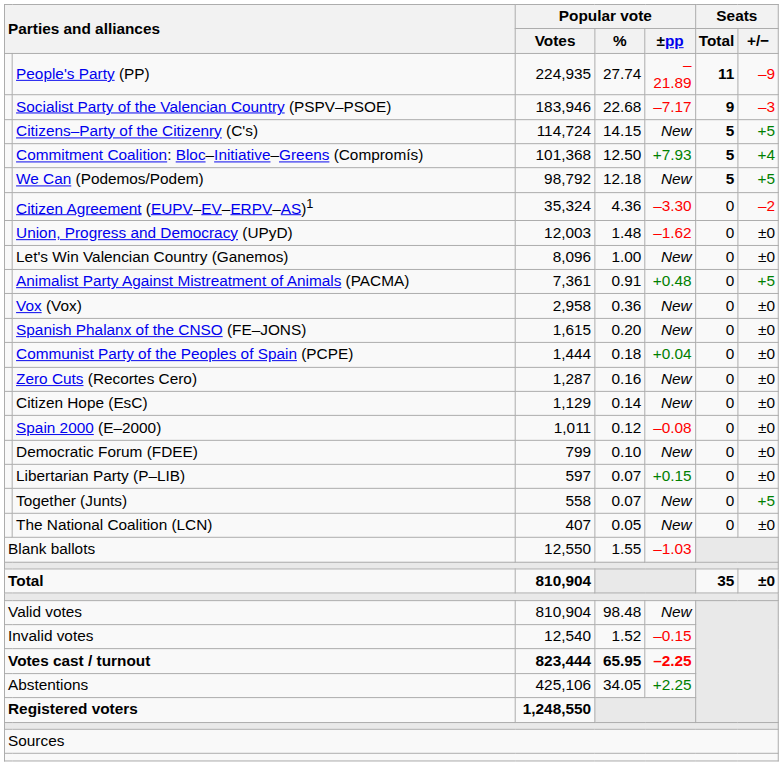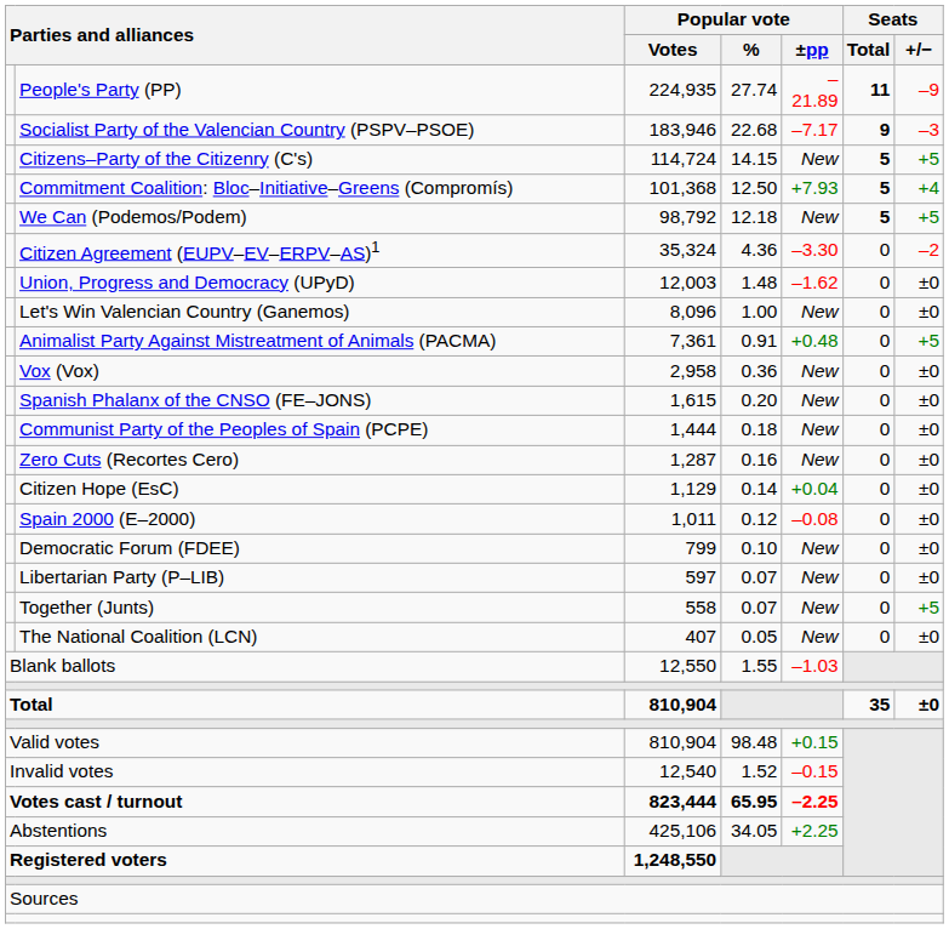 <table class="wikitable" style="text-align:right;">
 <tr>
 <th style="text-align:left;" rowspan="2" colspan="2" width="525">Parties and alliances</th>
 <th colspan="3">Popular vote</th>
 <th colspan="2">Seats</th>
 </tr>
 <tr>
 <th width="75">Votes</th>
 <th width="45">%</th>
 <th width="45">±<a href='#'>pp</a></th>
 <th width="35">Total</th>
 <th width="35">+/−</th>
 </tr>
 <tr>
 <td width="1" style="color:inherit;background:"></td>
 <td align="left"><a href='#'>People's Party</a> (PP)</td>
 <td>224,935</td>
 <td>27.74</td>
 <td style="color:red;">–21.89</td>
 <td><strong>11</strong></td>
 <td style="color:red;">–9</td>
 </tr>
 <tr>
 <td style="color:inherit;background:"></td>
 <td align="left"><a href='#'>Socialist Party of the Valencian Country</a> (PSPV–PSOE)</td>
 <td>183,946</td>
 <td>22.68</td>
 <td style="color:red;">–7.17</td>
 <td><strong>9</strong></td>
 <td style="color:red;">–3</td>
 </tr>
 <tr>
 <td style="color:inherit;background:"></td>
 <td align="left"><a href='#'>Citizens–Party of the Citizenry</a> (C's)</td>
 <td>114,724</td>
 <td>14.15</td>
 <td><em>New</em></td>
 <td><strong>5</strong></td>
 <td style="color:green;">+5</td>
 </tr>
 <tr>
 <td style="color:inherit;background:"></td>
 <td align="left"><a href='#'>Commitment Coalition</a>: <a href='#'>Bloc</a>–<a href='#'>Initiative</a>–<a href='#'>Greens</a> (Compromís)</td>
 <td>101,368</td>
 <td>12.50</td>
 <td style="color:green;">+7.93</td>
 <td><strong>5</strong></td>
 <td style="color:green;">+4</td>
 </tr>
 <tr>
 <td style="color:inherit;background:"></td>
 <td align="left"><a href='#'>We Can</a> (Podemos/Podem)</td>
 <td>98,792</td>
 <td>12.18</td>
 <td><em>New</em></td>
 <td><strong>5</strong></td>
 <td style="color:green;">+5</td>
 </tr>
 <tr>
 <td style="color:inherit;background:"></td>
 <td align="left"><a href='#'>Citizen Agreement</a> (<a href='#'>EUPV</a>–<a href='#'>EV</a>–<a href='#'>ERPV</a>–<a href='#'>AS</a>)<sup>1</sup></td>
 <td>35,324</td>
 <td>4.36</td>
 <td style="color:red;">–3.30</td>
 <td>0</td>
 <td style="color:red;">–2</td>
 </tr>
 <tr>
 <td style="color:inherit;background:"></td>
 <td align="left"><a href='#'>Union, Progress and Democracy</a> (UPyD)</td>
 <td>12,003</td>
 <td>1.48</td>
 <td style="color:red;">–1.62</td>
 <td>0</td>
 <td>±0</td>
 </tr>
 <tr>
 <td style="color:inherit;background:"></td>
 <td align="left">Let's Win Valencian Country (Ganemos)</td>
 <td>8,096</td>
 <td>1.00</td>
 <td><em>New</em></td>
 <td>0</td>
 <td>±0</td>
 </tr>
 <tr>
 <td style="color:inherit;background:"></td>
 <td align="left"><a href='#'>Animalist Party Against Mistreatment of Animals</a> (PACMA)</td>
 <td>7,361</td>
 <td>0.91</td>
 <td style="color:green;">+0.48</td>
 <td>0</td>
 <td style="color:green;">+5</td>
 </tr>
 <tr>
 <td style="color:inherit;background:"></td>
 <td align="left"><a href='#'>Vox</a> (Vox)</td>
 <td>2,958</td>
 <td>0.36</td>
 <td><em>New</em></td>
 <td>0</td>
 <td>±0</td>
 </tr>
 <tr>
 <td style="color:inherit;background:"></td>
 <td align="left"><a href='#'>Spanish Phalanx of the CNSO</a> (FE–JONS)</td>
 <td>1,615</td>
 <td>0.20</td>
 <td><em>New</em></td>
 <td>0</td>
 <td>±0</td>
 </tr>
 <tr>
 <td style="color:inherit;background:"></td>
 <td align="left"><a href='#'>Communist Party of the Peoples of Spain</a> (PCPE)</td>
 <td>1,444</td>
 <td>0.18</td>
-<td style="color:green;">+0.04</td>
+<td><em>New</em></td>
 <td>0</td>
 <td>±0</td>
 </tr>
 <tr>
 <td style="color:inherit;background:"></td>
 <td align="left"><a href='#'>Zero Cuts</a> (Recortes Cero)</td>
 <td>1,287</td>
 <td>0.16</td>
 <td><em>New</em></td>
 <td>0</td>
 <td>±0</td>
 </tr>
 <tr>
 <td style="color:inherit;background:"></td>
 <td align="left">Citizen Hope (EsC)</td>
 <td>1,129</td>
 <td>0.14</td>
-<td><em>New</em></td>
+<td style="color:green;">+0.04</td>
 <td>0</td>
 <td>±0</td>
 </tr>
 <tr>
 <td style="color:inherit;background:"></td>
 <td align="left"><a href='#'>Spain 2000</a> (E–2000)</td>
 <td>1,011</td>
 <td>0.12</td>
 <td style="color:red;">–0.08</td>
 <td>0</td>
 <td>±0</td>
 </tr>
 <tr>
 <td style="color:inherit;background:"></td>
 <td align="left">Democratic Forum (FDEE)</td>
 <td>799</td>
 <td>0.10</td>
 <td><em>New</em></td>
 <td>0</td>
 <td>±0</td>
 </tr>
 <tr>
 <td style="color:inherit;background:"></td>
 <td align="left">Libertarian Party (P–LIB)</td>
 <td>597</td>
 <td>0.07</td>
-<td style="color:green;">+0.15</td>
+<td><em>New</em></td>
 <td>0</td>
 <td>±0</td>
 </tr>
 <tr>
 <td style="color:inherit;background:"></td>
 <td align="left">Together (Junts)</td>
 <td>558</td>
 <td>0.07</td>
 <td><em>New</em></td>
 <td>0</td>
 <td style="color:green;">+5</td>
 </tr>
 <tr>
 <td style="color:inherit;background:"></td>
 <td align="left">The National Coalition (LCN)</td>
 <td>407</td>
 <td>0.05</td>
 <td><em>New</em></td>
 <td>0</td>
 <td>±0</td>
 </tr>
 <tr>
 <td align="left" colspan="2">Blank ballots</td>
 <td>12,550</td>
 <td>1.55</td>
 <td style="color:red;">–1.03</td>
 <td bgcolor="#E9E9E9" colspan="2"></td>
 </tr>
 <tr>
 <td colspan="7" bgcolor="#E9E9E9"></td>
 </tr>
 <tr style="font-weight:bold;">
 <td align="left" colspan="2">Total</td>
 <td>810,904</td>
 <td bgcolor="#E9E9E9" colspan="2"></td>
 <td>35</td>
 <td>±0</td>
 </tr>
 <tr>
 <td colspan="7" bgcolor="#E9E9E9"></td>
 </tr>
 <tr>
 <td align="left" colspan="2">Valid votes</td>
 <td>810,904</td>
 <td>98.48</td>
-<td><em>New</em></td>
+<td style="color:green;">+0.15</td>
 <td bgcolor="#E9E9E9" colspan="2" rowspan="5"></td>
 </tr>
 <tr>
 <td align="left" colspan="2">Invalid votes</td>
 <td>12,540</td>
 <td>1.52</td>
 <td style="color:red;">–0.15</td>
 </tr>
 <tr style="font-weight:bold;">
 <td align="left" colspan="2">Votes cast / turnout</td>
 <td>823,444</td>
 <td>65.95</td>
 <td style="color:red;">–2.25</td>
 </tr>
 <tr>
 <td align="left" colspan="2">Abstentions</td>
 <td>425,106</td>
 <td>34.05</td>
 <td style="color:green;">+2.25</td>
 </tr>
 <tr style="font-weight:bold;">
 <td align="left" colspan="2">Registered voters</td>
 <td>1,248,550</td>
 <td bgcolor="#E9E9E9" colspan="2"></td>
 </tr>
 <tr>
 <td colspan="7" bgcolor="#E9E9E9"></td>
 </tr>
 <tr>
 <td align="left" colspan="7">Sources</td>
 </tr>
 <tr>
 <td colspan="7" style="text-align:left; max-width:790px;"></td>
 </tr>
 </table>
